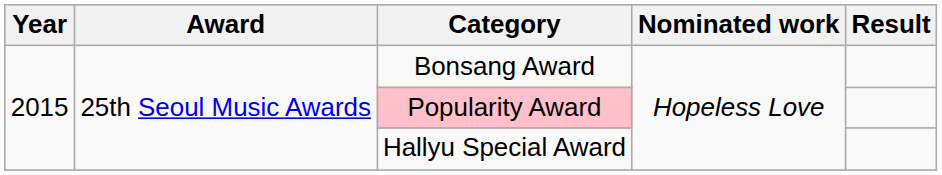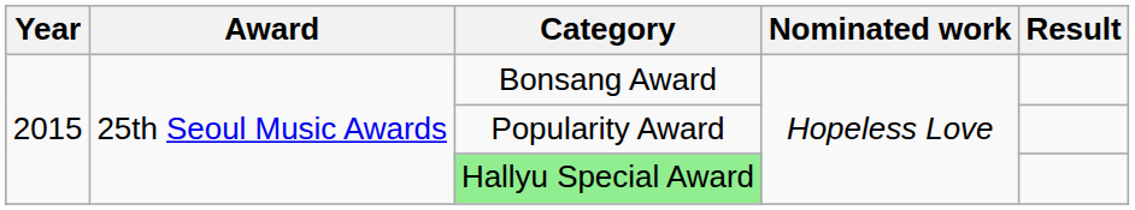 <table class="wikitable" style="text-align:center;">
 <tr>
 <th>Year</th>
 <th>Award</th>
 <th>Category</th>
 <th>Nominated work</th>
 <th>Result</th>
 </tr>
 <tr>
 <td rowspan="3" style="text-align:center;">2015</td>
 <td rowspan="3" style="text-align:center;">25th <a href='#'>Seoul Music Awards</a></td>
 <td>Bonsang Award</td>
 <td rowspan="3" style="text-align:center;"><em>Hopeless Love</em></td>
 <td></td>
 </tr>
 <tr>
-<td style="background: pink;">Popularity Award</td>
+<td>Popularity Award</td>
 <td></td>
 </tr>
 <tr>
-<td>Hallyu Special Award</td>
+<td style="background: lightgreen;">Hallyu Special Award</td>
 <td></td>
 </tr>
 </table>
